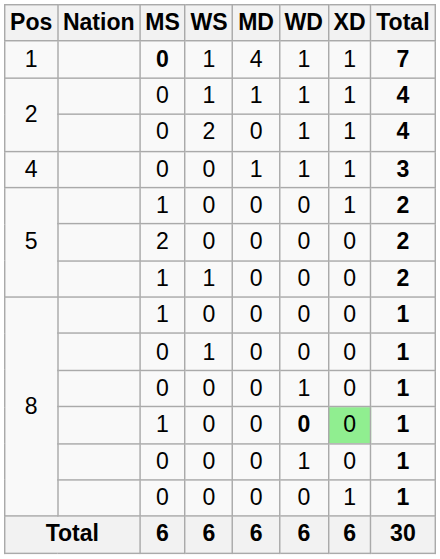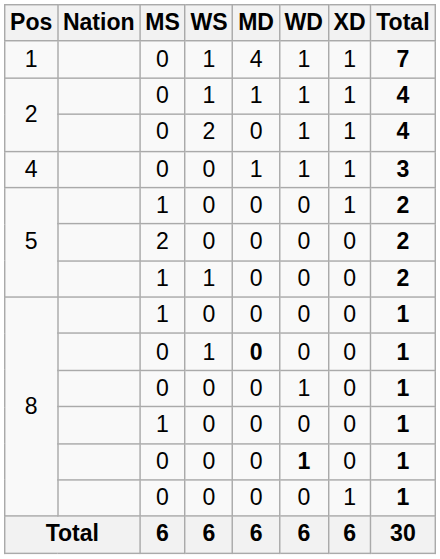 <table class="wikitable" style="text-align:center">
 <tr>
 <th>Pos</th>
 <th>Nation</th>
 <th>MS</th>
 <th>WS</th>
 <th>MD</th>
 <th>WD</th>
 <th>XD</th>
 <th>Total</th>
 </tr>
 <tr>
 <td>1</td>
 <td align=left></td>
-<td><strong>0</strong></td>
+<td>0</td>
 <td>1</td>
 <td>4</td>
 <td>1</td>
 <td>1</td>
 <td><strong>7</strong></td>
 </tr>
 <tr>
 <td rowspan="2">2</td>
 <td align=left><strong></strong></td>
 <td>0</td>
 <td>1</td>
 <td>1</td>
 <td>1</td>
 <td>1</td>
 <td><strong>4</strong></td>
 </tr>
 <tr>
 <td align=left></td>
 <td>0</td>
 <td>2</td>
 <td>0</td>
 <td>1</td>
 <td>1</td>
 <td><strong>4</strong></td>
 </tr>
 <tr>
 <td rowspan="1">4</td>
 <td align=left></td>
 <td>0</td>
 <td>0</td>
 <td>1</td>
 <td>1</td>
 <td>1</td>
 <td><strong>3</strong></td>
 </tr>
 <tr>
 <td rowspan="3">5</td>
 <td align=left></td>
 <td>1</td>
 <td>0</td>
 <td>0</td>
 <td>0</td>
 <td>1</td>
 <td><strong>2</strong></td>
 </tr>
 <tr>
 <td align=left></td>
 <td>2</td>
 <td>0</td>
 <td>0</td>
 <td>0</td>
 <td>0</td>
 <td><strong>2</strong></td>
 </tr>
 <tr>
 <td align=left></td>
 <td>1</td>
 <td>1</td>
 <td>0</td>
 <td>0</td>
 <td>0</td>
 <td><strong>2</strong></td>
 </tr>
 <tr>
 <td rowspan="6">8</td>
 <td align=left></td>
 <td>1</td>
 <td>0</td>
 <td>0</td>
 <td>0</td>
 <td>0</td>
 <td><strong>1</strong></td>
 </tr>
 <tr>
 <td align=left></td>
 <td>0</td>
 <td>1</td>
-<td>0</td>
+<td><strong>0</strong></td>
 <td>0</td>
 <td>0</td>
 <td><strong>1</strong></td>
 </tr>
 <tr>
 <td align=left></td>
 <td>0</td>
 <td>0</td>
 <td>0</td>
 <td>1</td>
 <td>0</td>
 <td><strong>1</strong></td>
 </tr>
 <tr>
 <td align=left></td>
 <td>1</td>
 <td>0</td>
 <td>0</td>
-<td><strong>0</strong></td>
-<td style="background: lightgreen;">0</td>
+<td>0</td>
+<td>0</td>
 <td><strong>1</strong></td>
 </tr>
 <tr>
 <td align=left></td>
 <td>0</td>
 <td>0</td>
 <td>0</td>
-<td>1</td>
+<td><strong>1</strong></td>
 <td>0</td>
 <td><strong>1</strong></td>
 </tr>
 <tr>
 <td align=left></td>
 <td>0</td>
 <td>0</td>
 <td>0</td>
 <td>0</td>
 <td>1</td>
 <td><strong>1</strong></td>
 </tr>
 <tr>
 <th colspan="2"><strong>Total</strong></th>
 <th>6</th>
 <th>6</th>
 <th>6</th>
 <th>6</th>
 <th>6</th>
 <th>30</th>
 </tr>
 </table>
